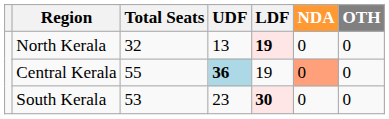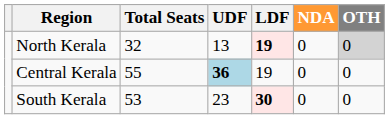 <table class="wikitable sortable" style="text-align:centre;">
 <tr>
 <th></th>
 <th>Region</th>
 <th>Total Seats</th>
 <th style="background:">UDF</th>
 <th style="background:">LDF</th>
 <th style="background:#FF9933; color:white;">NDA</th>
 <th style="background:grey; color:white;">OTH</th>
 </tr>
 <tr>
 <td rowspan="3"></td>
 <td>North Kerala</td>
 <td>32</td>
 <td>13</td>
 <td style="background:#FFE6E6"><strong>19</strong></td>
 <td>0</td>
-<td>0</td>
+<td style="background: lightgrey;">0</td>
 </tr>
 <tr>
 <td>Central Kerala</td>
 <td>55</td>
 <td style="background:#ADD8E6"><strong>36</strong></td>
 <td>19</td>
-<td style="background: lightsalmon;">0</td>
+<td>0</td>
 <td>0</td>
 </tr>
 <tr>
 <td>South Kerala</td>
 <td>53</td>
 <td>23</td>
 <td style="background:#FFE6E6"><strong>30</strong></td>
 <td>0</td>
 <td>0</td>
 </tr>
 </table>
